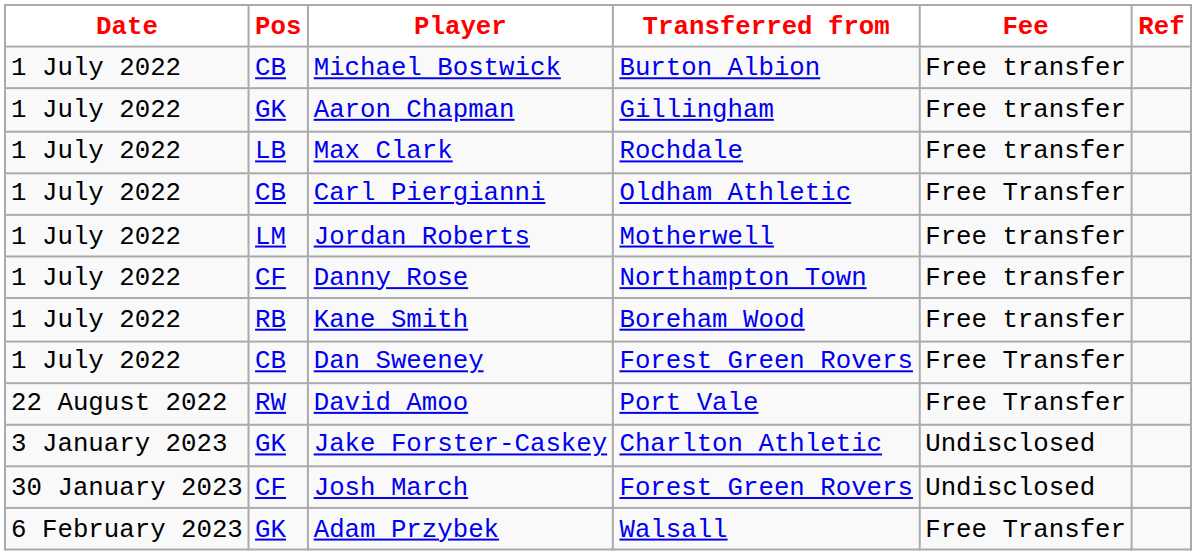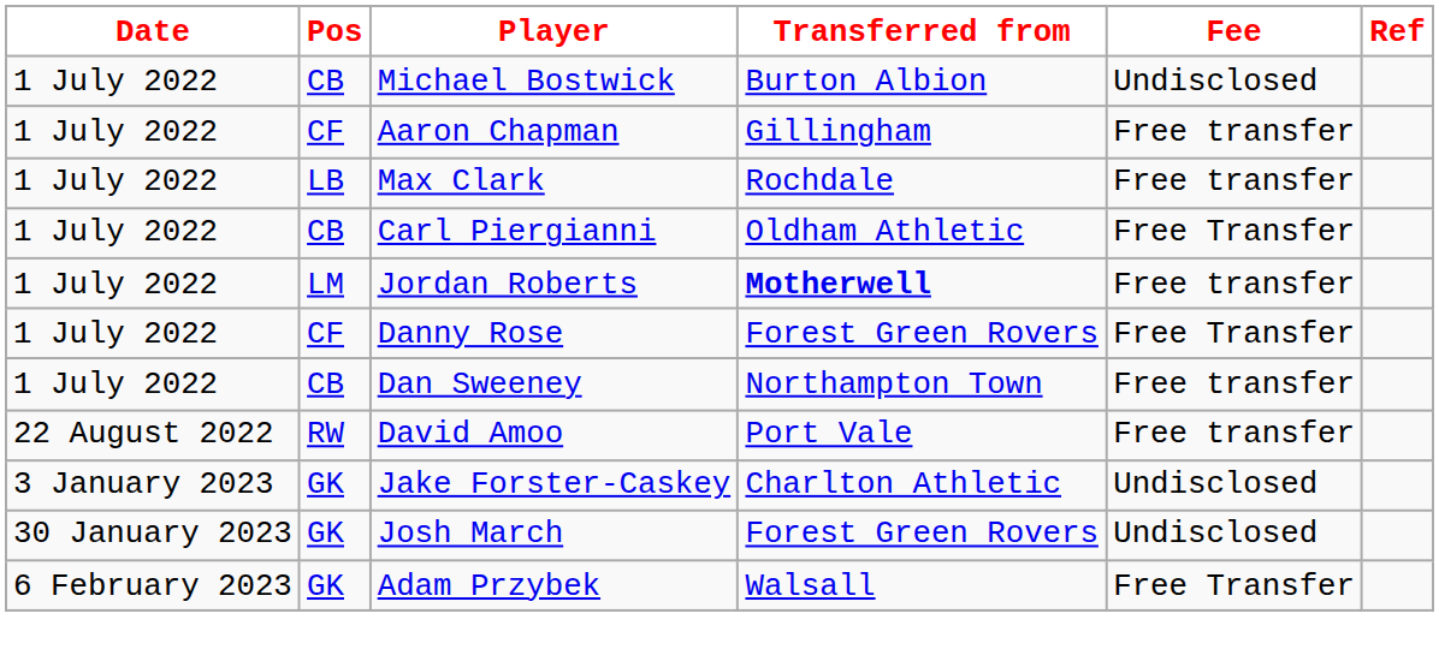 <table class="wikitable plainrowheaders sortable">
 <tr>
 <th style="background:#FFFFFF; color:#FF0000; ">Date</th>
 <th style="background:#FFFFFF; color:#FF0000; ">Pos</th>
 <th style="background:#FFFFFF; color:#FF0000; ">Player</th>
 <th style="background:#FFFFFF; color:#FF0000; ">Transferred from</th>
 <th style="background:#FFFFFF; color:#FF0000; ">Fee</th>
 <th style="background:#FFFFFF; color:#FF0000; ">Ref</th>
 </tr>
 <tr>
 <td>1 July 2022</td>
 <td><a href='#'>CB</a></td>
 <td> <a href='#'>Michael Bostwick</a></td>
 <td> <a href='#'>Burton Albion</a></td>
-<td>Free transfer</td>
+<td>Undisclosed</td>
 <td></td>
 </tr>
 <tr>
 <td>1 July 2022</td>
-<td><a href='#'>GK</a></td>
+<td><a href='#'>CF</a></td>
 <td> <a href='#'>Aaron Chapman</a></td>
 <td> <a href='#'>Gillingham</a></td>
 <td>Free transfer</td>
 <td></td>
 </tr>
 <tr>
 <td>1 July 2022</td>
 <td><a href='#'>LB</a></td>
 <td> <a href='#'>Max Clark</a></td>
 <td> <a href='#'>Rochdale</a></td>
 <td>Free transfer</td>
 <td></td>
 </tr>
 <tr>
 <td>1 July 2022</td>
 <td><a href='#'>CB</a></td>
 <td> <a href='#'>Carl Piergianni</a></td>
 <td> <a href='#'>Oldham Athletic</a></td>
 <td>Free Transfer</td>
 <td></td>
 </tr>
 <tr>
 <td>1 July 2022</td>
 <td><a href='#'>LM</a></td>
 <td> <a href='#'>Jordan Roberts</a></td>
-<td> <a href='#'>Motherwell</a></td>
+<td><strong> <a href='#'>Motherwell</a></strong></td>
 <td>Free transfer</td>
 <td></td>
 </tr>
 <tr>
 <td>1 July 2022</td>
 <td><a href='#'>CF</a></td>
 <td> <a href='#'>Danny Rose</a></td>
-<td> <a href='#'>Northampton Town</a></td>
-<td>Free transfer</td>
-<td></td>
-</tr>
-<tr>
-<td>1 July 2022</td>
-<td><a href='#'>RB</a></td>
-<td> <a href='#'>Kane Smith</a></td>
-<td> <a href='#'>Boreham Wood</a></td>
-<td>Free transfer</td>
+<td> <a href='#'>Forest Green Rovers</a></td>
+<td>Free Transfer</td>
 <td></td>
 </tr>
 <tr>
 <td>1 July 2022</td>
 <td><a href='#'>CB</a></td>
 <td> <a href='#'>Dan Sweeney</a></td>
-<td> <a href='#'>Forest Green Rovers</a></td>
-<td>Free Transfer</td>
+<td> <a href='#'>Northampton Town</a></td>
+<td>Free transfer</td>
 <td></td>
 </tr>
 <tr>
 <td>22 August 2022</td>
 <td><a href='#'>RW</a></td>
 <td> <a href='#'>David Amoo</a></td>
 <td> <a href='#'>Port Vale</a></td>
-<td>Free Transfer</td>
+<td>Free transfer</td>
 <td></td>
 </tr>
 <tr>
 <td>3 January 2023</td>
 <td><a href='#'>GK</a></td>
 <td> <a href='#'>Jake Forster-Caskey</a></td>
 <td> <a href='#'>Charlton Athletic</a></td>
 <td>Undisclosed</td>
 <td></td>
 </tr>
 <tr>
 <td>30 January 2023</td>
-<td><a href='#'>CF</a></td>
+<td><a href='#'>GK</a></td>
 <td> <a href='#'>Josh March</a></td>
 <td> <a href='#'>Forest Green Rovers</a></td>
 <td>Undisclosed</td>
 <td></td>
 </tr>
 <tr>
 <td>6 February 2023</td>
 <td><a href='#'>GK</a></td>
 <td> <a href='#'>Adam Przybek</a></td>
 <td> <a href='#'>Walsall</a></td>
 <td>Free Transfer</td>
 <td></td>
 </tr>
 </table>
